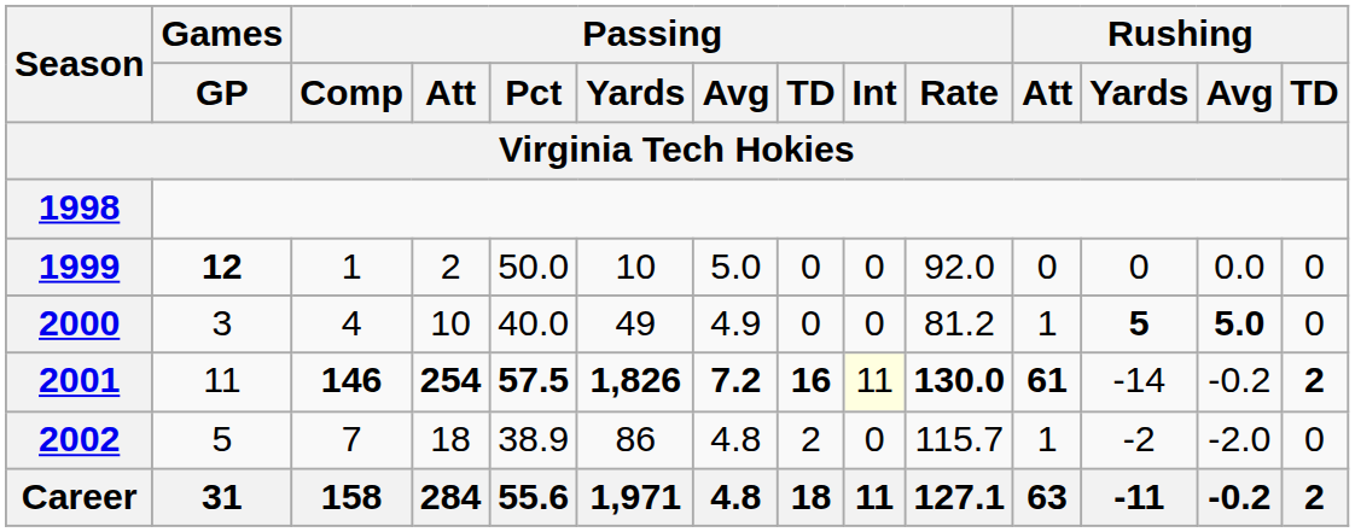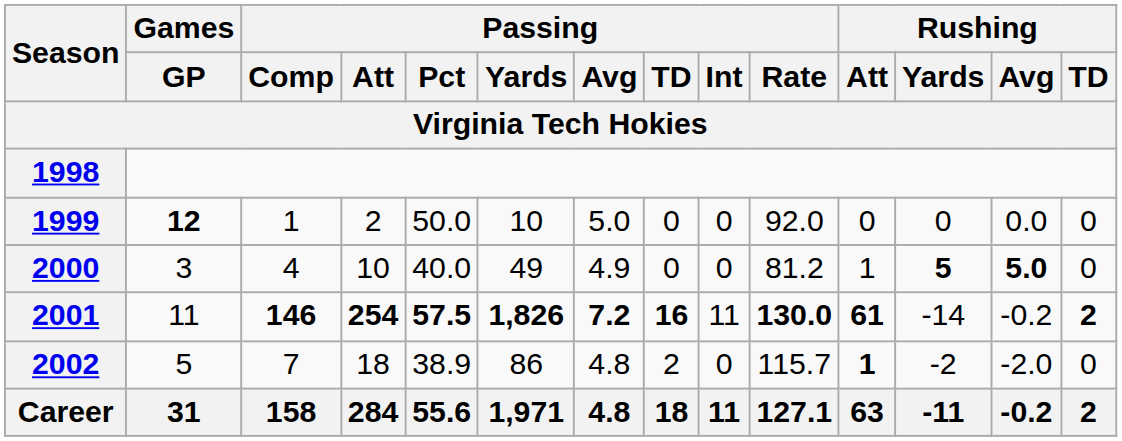 <table class="wikitable" style="text-align:center;">
 <tr>
 <th rowspan="2">Season</th>
 <th colspan="1">Games</th>
 <th colspan="8">Passing</th>
 <th colspan="4">Rushing</th>
 </tr>
 <tr>
 <th>GP</th>
 <th>Comp</th>
 <th>Att</th>
 <th>Pct</th>
 <th>Yards</th>
 <th>Avg</th>
 <th>TD</th>
 <th>Int</th>
 <th>Rate</th>
 <th>Att</th>
 <th>Yards</th>
 <th>Avg</th>
 <th>TD</th>
 </tr>
 <tr>
 <th colspan="15">Virginia Tech Hokies</th>
 </tr>
 <tr>
 <th><a href='#'>1998</a></th>
 <td colspan="14"></td>
 </tr>
 <tr>
 <th><a href='#'>1999</a></th>
 <td><strong>12</strong></td>
 <td>1</td>
 <td>2</td>
 <td>50.0</td>
 <td>10</td>
 <td>5.0</td>
 <td>0</td>
 <td>0</td>
 <td>92.0</td>
 <td>0</td>
 <td>0</td>
 <td>0.0</td>
 <td>0</td>
 </tr>
 <tr>
 <th><a href='#'>2000</a></th>
 <td>3</td>
 <td>4</td>
 <td>10</td>
 <td>40.0</td>
 <td>49</td>
 <td>4.9</td>
 <td>0</td>
 <td>0</td>
 <td>81.2</td>
 <td>1</td>
 <td><strong>5</strong></td>
 <td><strong>5.0</strong></td>
 <td>0</td>
 </tr>
 <tr>
 <th><a href='#'>2001</a></th>
 <td>11</td>
 <td><strong>146</strong></td>
 <td><strong>254</strong></td>
 <td><strong>57.5</strong></td>
 <td><strong>1,826</strong></td>
 <td><strong>7.2</strong></td>
 <td><strong>16</strong></td>
-<td style="background: lightyellow;">11</td>
+<td>11</td>
 <td><strong>130.0</strong></td>
 <td><strong>61</strong></td>
 <td>-14</td>
 <td>-0.2</td>
 <td><strong>2</strong></td>
 </tr>
 <tr>
 <th><a href='#'>2002</a></th>
 <td>5</td>
 <td>7</td>
 <td>18</td>
 <td>38.9</td>
 <td>86</td>
 <td>4.8</td>
 <td>2</td>
 <td>0</td>
 <td>115.7</td>
-<td>1</td>
+<td><strong>1</strong></td>
 <td>-2</td>
 <td>-2.0</td>
 <td>0</td>
 </tr>
 <tr>
 <th>Career</th>
 <th>31</th>
 <th>158</th>
 <th>284</th>
 <th>55.6</th>
 <th>1,971</th>
 <th>4.8</th>
 <th>18</th>
 <th>11</th>
 <th>127.1</th>
 <th>63</th>
 <th>-11</th>
 <th>-0.2</th>
 <th>2</th>
 </tr>
 </table>
